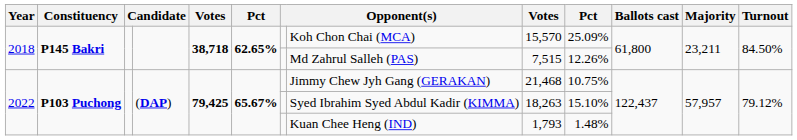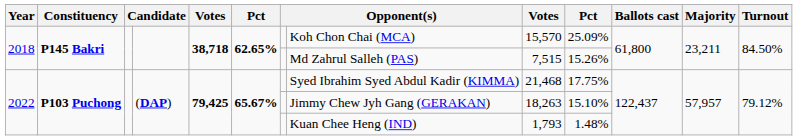 <table class="wikitable" style="margin:0.5em ; font-size:95%">
 <tr>
 <th>Year</th>
 <th>Constituency</th>
 <th colspan=2>Candidate</th>
 <th>Votes</th>
 <th>Pct</th>
 <th colspan=2>Opponent(s)</th>
 <th>Votes</th>
 <th>Pct</th>
 <th>Ballots cast</th>
 <th>Majority</th>
 <th>Turnout</th>
 </tr>
 <tr>
 <td rowspan="2"><a href='#'>2018</a></td>
 <td rowspan="2"><strong>P145 <a href='#'>Bakri</a></strong></td>
 <td rowspan="2" ></td>
 <td rowspan="2"></td>
 <td rowspan="2" style="text-align:right;"><strong>38,718</strong></td>
 <td rowspan="2"><strong>62.65%</strong></td>
 <td></td>
 <td>Koh Chon Chai (<a href='#'>MCA</a>)</td>
 <td style="text-align:right;">15,570</td>
 <td>25.09%</td>
 <td rowspan="2">61,800</td>
 <td rowspan="2">23,211</td>
 <td rowspan="2">84.50%</td>
 </tr>
 <tr>
 <td></td>
 <td>Md Zahrul Salleh (<a href='#'>PAS</a>)</td>
 <td style="text-align:right;">7,515</td>
-<td>12.26%</td>
+<td>15.26%</td>
 </tr>
 <tr>
 <td rowspan=3><a href='#'>2022</a></td>
 <td rowspan="3"><strong>P103 <a href='#'>Puchong</a></strong></td>
 <td rowspan=3 ></td>
 <td rowspan=3> (<a href='#'><strong>DAP</strong></a>)</td>
 <td rowspan=3 align="right"><strong>79,425</strong></td>
 <td rowspan=3><strong>65.67%</strong></td>
 <td></td>
-<td>Jimmy Chew Jyh Gang (<a href='#'>GERAKAN</a>)</td>
+<td>Syed Ibrahim Syed Abdul Kadir (<a href='#'>KIMMA</a>)</td>
 <td align="right">21,468</td>
-<td align="right">10.75%</td>
+<td align="right">17.75%</td>
 <td rowspan=3>122,437</td>
 <td rowspan=3>57,957</td>
 <td rowspan=3>79.12%</td>
 </tr>
 <tr>
 <td></td>
-<td>Syed Ibrahim Syed Abdul Kadir (<a href='#'>KIMMA</a>)</td>
+<td>Jimmy Chew Jyh Gang (<a href='#'>GERAKAN</a>)</td>
 <td align="right">18,263</td>
 <td align="right">15.10%</td>
 </tr>
 <tr>
 <td></td>
 <td>Kuan Chee Heng (<a href='#'>IND</a>)</td>
 <td align="right">1,793</td>
 <td align="right">1.48%</td>
 </tr>
 </table>
